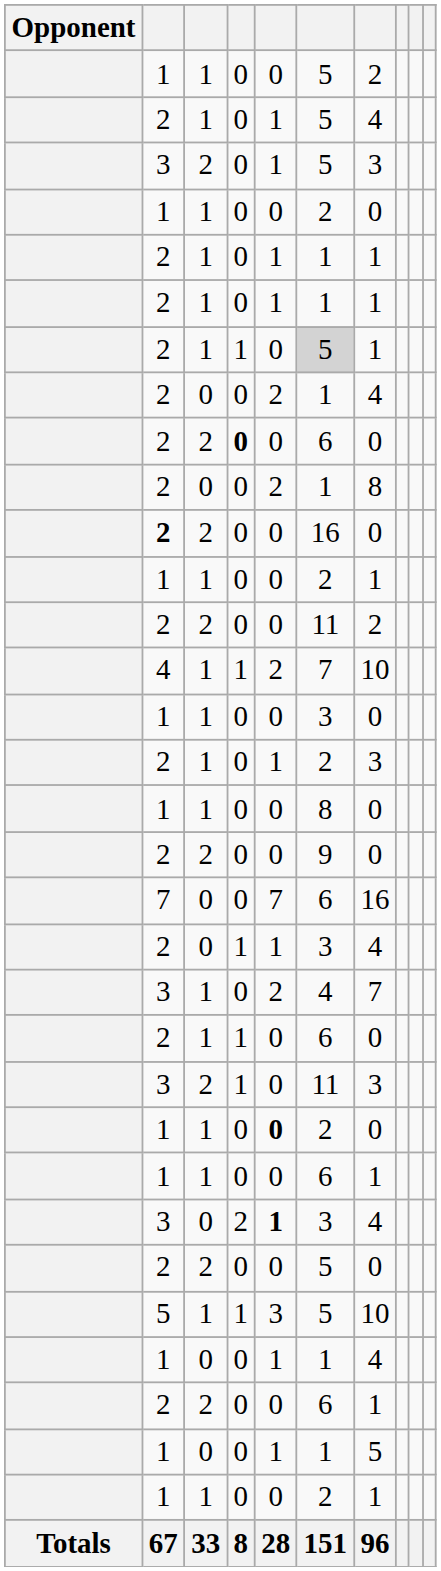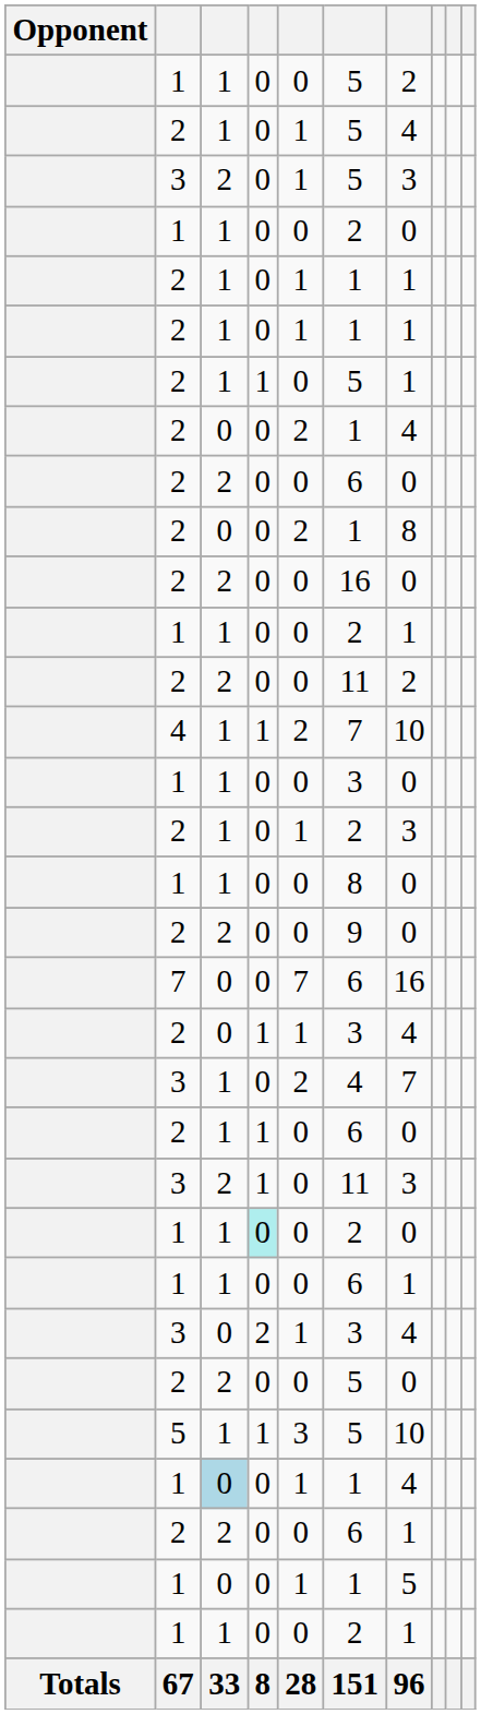 <table class="wikitable plainrowheaders sortable" style="text-align:center">
 <tr>
 <th scope=col>Opponent</th>
 <th scope=col></th>
 <th scope=col></th>
 <th scope=col></th>
 <th scope=col></th>
 <th scope=col></th>
 <th scope=col></th>
 <th scope=col></th>
 <th scope=col></th>
 <th scope=col></th>
 </tr>
 <tr>
 <th scope=row style="text-align:left;"></th>
 <td>1</td>
 <td>1</td>
 <td>0</td>
 <td>0</td>
 <td>5</td>
 <td>2</td>
 <td></td>
 <td></td>
 <td></td>
 </tr>
 <tr>
 <th scope=row style="text-align:left;"></th>
 <td>2</td>
 <td>1</td>
 <td>0</td>
 <td>1</td>
 <td>5</td>
 <td>4</td>
 <td></td>
 <td></td>
 <td></td>
 </tr>
 <tr>
 <th scope=row style="text-align:left;"></th>
 <td>3</td>
 <td>2</td>
 <td>0</td>
 <td>1</td>
 <td>5</td>
 <td>3</td>
 <td></td>
 <td></td>
 <td></td>
 </tr>
 <tr>
 <th scope=row style="text-align:left;"></th>
 <td>1</td>
 <td>1</td>
 <td>0</td>
 <td>0</td>
 <td>2</td>
 <td>0</td>
 <td></td>
 <td></td>
 <td></td>
 </tr>
 <tr>
 <th scope=row style="text-align:left;"></th>
 <td>2</td>
 <td>1</td>
 <td>0</td>
 <td>1</td>
 <td>1</td>
 <td>1</td>
 <td></td>
 <td></td>
 <td></td>
 </tr>
 <tr>
 <th scope=row style="text-align:left;"></th>
 <td>2</td>
 <td>1</td>
 <td>0</td>
 <td>1</td>
 <td>1</td>
 <td>1</td>
 <td></td>
 <td></td>
 <td></td>
 </tr>
 <tr>
 <th scope=row style="text-align:left;"></th>
 <td>2</td>
 <td>1</td>
 <td>1</td>
 <td>0</td>
-<td style="background: lightgrey;">5</td>
+<td>5</td>
 <td>1</td>
 <td></td>
 <td></td>
 <td></td>
 </tr>
 <tr>
 <th scope=row style="text-align:left;"></th>
 <td>2</td>
 <td>0</td>
 <td>0</td>
 <td>2</td>
 <td>1</td>
 <td>4</td>
 <td></td>
 <td></td>
 <td></td>
 </tr>
 <tr>
 <th scope=row style="text-align:left;"></th>
 <td>2</td>
 <td>2</td>
-<td><strong>0</strong></td>
+<td>0</td>
 <td>0</td>
 <td>6</td>
 <td>0</td>
 <td></td>
 <td></td>
 <td></td>
 </tr>
 <tr>
 <th scope=row style="text-align:left;"></th>
 <td>2</td>
 <td>0</td>
 <td>0</td>
 <td>2</td>
 <td>1</td>
 <td>8</td>
 <td></td>
 <td></td>
 <td></td>
 </tr>
 <tr>
 <th scope=row style="text-align:left;"></th>
-<td><strong>2</strong></td>
+<td>2</td>
 <td>2</td>
 <td>0</td>
 <td>0</td>
 <td>16</td>
 <td>0</td>
 <td></td>
 <td></td>
 <td></td>
 </tr>
 <tr>
 <th scope=row style="text-align:left;"></th>
 <td>1</td>
 <td>1</td>
 <td>0</td>
 <td>0</td>
 <td>2</td>
 <td>1</td>
 <td></td>
 <td></td>
 <td></td>
 </tr>
 <tr>
 <th scope=row style="text-align:left;"></th>
 <td>2</td>
 <td>2</td>
 <td>0</td>
 <td>0</td>
 <td>11</td>
 <td>2</td>
 <td></td>
 <td></td>
 <td></td>
 </tr>
 <tr>
 <th scope=row style="text-align:left;"></th>
 <td>4</td>
 <td>1</td>
 <td>1</td>
 <td>2</td>
 <td>7</td>
 <td>10</td>
 <td></td>
 <td></td>
 <td></td>
 </tr>
 <tr>
 <th scope=row style="text-align:left;"></th>
 <td>1</td>
 <td>1</td>
 <td>0</td>
 <td>0</td>
 <td>3</td>
 <td>0</td>
 <td></td>
 <td></td>
 <td></td>
 </tr>
 <tr>
 <th scope=row style="text-align:left;"></th>
 <td>2</td>
 <td>1</td>
 <td>0</td>
 <td>1</td>
 <td>2</td>
 <td>3</td>
 <td></td>
 <td></td>
 <td></td>
 </tr>
 <tr>
 <th scope=row style="text-align:left;"></th>
 <td>1</td>
 <td>1</td>
 <td>0</td>
 <td>0</td>
 <td>8</td>
 <td>0</td>
 <td></td>
 <td></td>
 <td></td>
 </tr>
 <tr>
 <th scope=row style="text-align:left;"></th>
 <td>2</td>
 <td>2</td>
 <td>0</td>
 <td>0</td>
 <td>9</td>
 <td>0</td>
 <td></td>
 <td></td>
 <td></td>
 </tr>
 <tr>
 <th scope=row style="text-align:left;"></th>
 <td>7</td>
 <td>0</td>
 <td>0</td>
 <td>7</td>
 <td>6</td>
 <td>16</td>
 <td></td>
 <td></td>
 <td></td>
 </tr>
 <tr>
 <th scope=row style="text-align:left;"></th>
 <td>2</td>
 <td>0</td>
 <td>1</td>
 <td>1</td>
 <td>3</td>
 <td>4</td>
 <td></td>
 <td></td>
 <td></td>
 </tr>
 <tr>
 <th scope=row style="text-align:left;"></th>
 <td>3</td>
 <td>1</td>
 <td>0</td>
 <td>2</td>
 <td>4</td>
 <td>7</td>
 <td></td>
 <td></td>
 <td></td>
 </tr>
 <tr>
 <th scope=row style="text-align:left;"></th>
 <td>2</td>
 <td>1</td>
 <td>1</td>
 <td>0</td>
 <td>6</td>
 <td>0</td>
 <td></td>
 <td></td>
 <td></td>
 </tr>
 <tr>
 <th scope=row style="text-align:left;"></th>
 <td>3</td>
 <td>2</td>
 <td>1</td>
 <td>0</td>
 <td>11</td>
 <td>3</td>
 <td></td>
 <td></td>
 <td></td>
 </tr>
 <tr>
 <th scope=row style="text-align:left;"></th>
 <td>1</td>
 <td>1</td>
+<td style="background: paleturquoise;">0</td>
 <td>0</td>
-<td><strong>0</strong></td>
 <td>2</td>
 <td>0</td>
 <td></td>
 <td></td>
 <td></td>
 </tr>
 <tr>
 <th scope=row style="text-align:left;"></th>
 <td>1</td>
 <td>1</td>
 <td>0</td>
 <td>0</td>
 <td>6</td>
 <td>1</td>
 <td></td>
 <td></td>
 <td></td>
 </tr>
 <tr>
 <th scope=row style="text-align:left;"></th>
 <td>3</td>
 <td>0</td>
 <td>2</td>
-<td><strong>1</strong></td>
+<td>1</td>
 <td>3</td>
 <td>4</td>
 <td></td>
 <td></td>
 <td></td>
 </tr>
 <tr>
 <th scope=row style="text-align:left;"></th>
 <td>2</td>
 <td>2</td>
 <td>0</td>
 <td>0</td>
 <td>5</td>
 <td>0</td>
 <td></td>
 <td></td>
 <td></td>
 </tr>
 <tr>
 <th scope=row style="text-align:left;"></th>
 <td>5</td>
 <td>1</td>
 <td>1</td>
 <td>3</td>
 <td>5</td>
 <td>10</td>
 <td></td>
 <td></td>
 <td></td>
 </tr>
 <tr>
 <th scope=row style="text-align:left;"></th>
 <td>1</td>
-<td>0</td>
+<td style="background: lightblue;">0</td>
 <td>0</td>
 <td>1</td>
 <td>1</td>
 <td>4</td>
 <td></td>
 <td></td>
 <td></td>
 </tr>
 <tr>
 <th scope=row style="text-align:left;"></th>
 <td>2</td>
 <td>2</td>
 <td>0</td>
 <td>0</td>
 <td>6</td>
 <td>1</td>
 <td></td>
 <td></td>
 <td></td>
 </tr>
 <tr>
 <th scope=row style="text-align:left;"></th>
 <td>1</td>
 <td>0</td>
 <td>0</td>
 <td>1</td>
 <td>1</td>
 <td>5</td>
 <td></td>
 <td></td>
 <td></td>
 </tr>
 <tr>
 <th scope=row style="text-align:left;"></th>
 <td>1</td>
 <td>1</td>
 <td>0</td>
 <td>0</td>
 <td>2</td>
 <td>1</td>
 <td></td>
 <td></td>
 <td></td>
 </tr>
 <tr class="sortbottom">
 <th>Totals</th>
 <th>67</th>
 <th>33</th>
 <th>8</th>
 <th>28</th>
 <th>151</th>
 <th>96</th>
 <th></th>
 <th></th>
 <th></th>
 </tr>
 </table>
